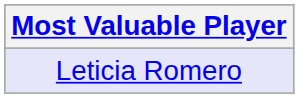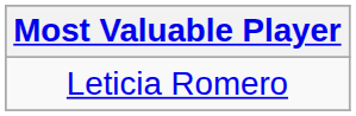 <table class=wikitable style="text-align:center">
 <tr>
 <th><a href='#'>Most Valuable Player</a></th>
 </tr>
 <tr>
-<td style="background: lavender;"> <a href='#'>Leticia Romero</a></td>
+<td> <a href='#'>Leticia Romero</a></td>
 </tr>
 </table>
